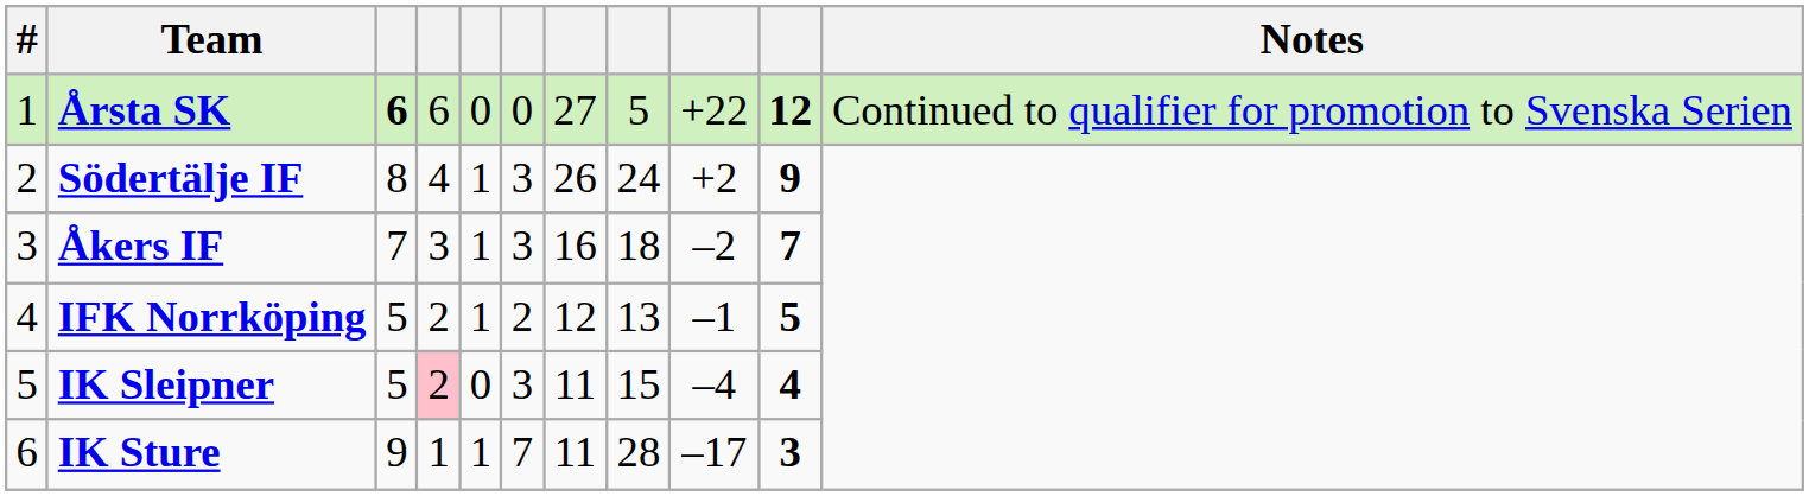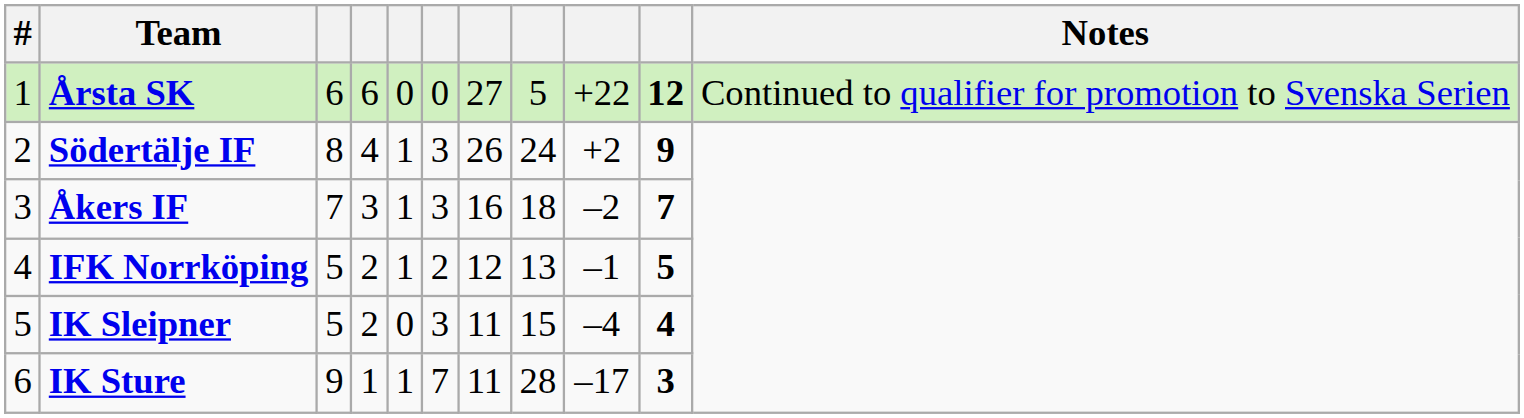 <table class="wikitable sortable">
 <tr>
 <th>#</th>
 <th>Team</th>
 <th></th>
 <th></th>
 <th></th>
 <th></th>
 <th></th>
 <th></th>
 <th></th>
 <th></th>
 <th>Notes</th>
 </tr>
 <tr style="background: #D0F0C0;">
 <td>1</td>
 <td style="font-weight:bold;"><a href='#'>Årsta SK</a></td>
-<td style="text-align: center;"><strong>6</strong></td>
+<td style="text-align: center;">6</td>
 <td style="text-align: center;">6</td>
 <td style="text-align: center;">0</td>
 <td style="text-align: center;">0</td>
 <td style="text-align: center;">27</td>
 <td style="text-align: center;">5</td>
 <td style="text-align: center;">+22</td>
 <td style="text-align: center; font-weight:bold;">12</td>
 <td>Continued to <a href='#'>qualifier for promotion</a> to <a href='#'>Svenska Serien</a></td>
 </tr>
 <tr>
 <td>2</td>
 <td style="font-weight:bold;"><a href='#'>Södertälje IF</a></td>
 <td style="text-align: center;">8</td>
 <td style="text-align: center;">4</td>
 <td style="text-align: center;">1</td>
 <td style="text-align: center;">3</td>
 <td style="text-align: center;">26</td>
 <td style="text-align: center;">24</td>
 <td style="text-align: center;">+2</td>
 <td style="text-align: center; font-weight:bold;">9</td>
 </tr>
 <tr>
 <td>3</td>
 <td style="font-weight:bold;"><a href='#'>Åkers IF</a></td>
 <td style="text-align: center;">7</td>
 <td style="text-align: center;">3</td>
 <td style="text-align: center;">1</td>
 <td style="text-align: center;">3</td>
 <td style="text-align: center;">16</td>
 <td style="text-align: center;">18</td>
 <td style="text-align: center;">–2</td>
 <td style="text-align: center; font-weight:bold;">7</td>
 </tr>
 <tr>
 <td>4</td>
 <td style="font-weight:bold;"><a href='#'>IFK Norrköping</a></td>
 <td style="text-align: center;">5</td>
 <td style="text-align: center;">2</td>
 <td style="text-align: center;">1</td>
 <td style="text-align: center;">2</td>
 <td style="text-align: center;">12</td>
 <td style="text-align: center;">13</td>
 <td style="text-align: center;">–1</td>
 <td style="text-align: center; font-weight:bold;">5</td>
 </tr>
 <tr>
 <td>5</td>
 <td style="font-weight:bold;"><a href='#'>IK Sleipner</a></td>
 <td style="text-align: center;">5</td>
-<td style="background: pink; text-align: center;">2</td>
+<td style="text-align: center;">2</td>
 <td style="text-align: center;">0</td>
 <td style="text-align: center;">3</td>
 <td style="text-align: center;">11</td>
 <td style="text-align: center;">15</td>
 <td style="text-align: center;">–4</td>
 <td style="text-align: center; font-weight:bold;">4</td>
 </tr>
 <tr>
 <td>6</td>
 <td style="font-weight:bold;"><a href='#'>IK Sture</a></td>
 <td style="text-align: center;">9</td>
 <td style="text-align: center;">1</td>
 <td style="text-align: center;">1</td>
 <td style="text-align: center;">7</td>
 <td style="text-align: center;">11</td>
 <td style="text-align: center;">28</td>
 <td style="text-align: center;">–17</td>
 <td style="text-align: center; font-weight:bold;">3</td>
 </tr>
 </table>
